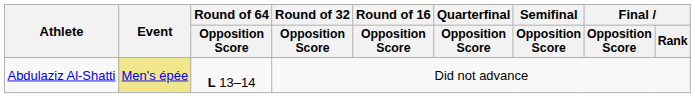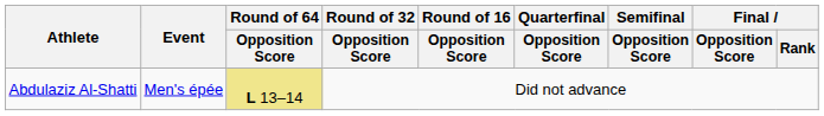 <table class="wikitable" style="font-size:90%">
 <tr>
 <th rowspan=2>Athlete</th>
 <th rowspan=2>Event</th>
 <th>Round of 64</th>
 <th>Round of 32</th>
 <th>Round of 16</th>
 <th>Quarterfinal</th>
 <th>Semifinal</th>
 <th colspan=2>Final / </th>
 </tr>
 <tr style="font-size:95%">
 <th>Opposition<br>Score</th>
 <th>Opposition<br>Score</th>
 <th>Opposition<br>Score</th>
 <th>Opposition<br>Score</th>
 <th>Opposition<br>Score</th>
 <th>Opposition<br>Score</th>
 <th>Rank</th>
 </tr>
 <tr align=center>
 <td align=left><a href='#'>Abdulaziz Al-Shatti</a></td>
-<td align=left style="background: khaki;"><a href='#'>Men's épée</a></td>
-<td><br><strong>L</strong> 13–14</td>
+<td align=left><a href='#'>Men's épée</a></td>
+<td style="background: khaki;"><br><strong>L</strong> 13–14</td>
 <td colspan=6>Did not advance</td>
 </tr>
 </table>
